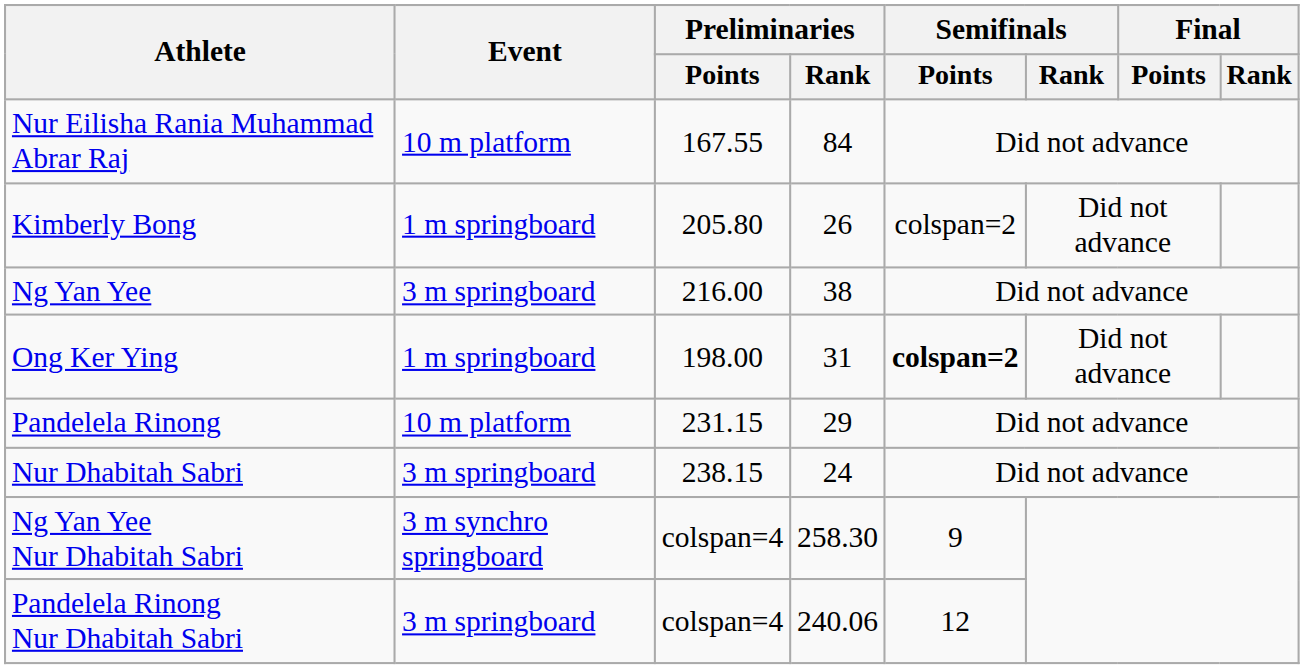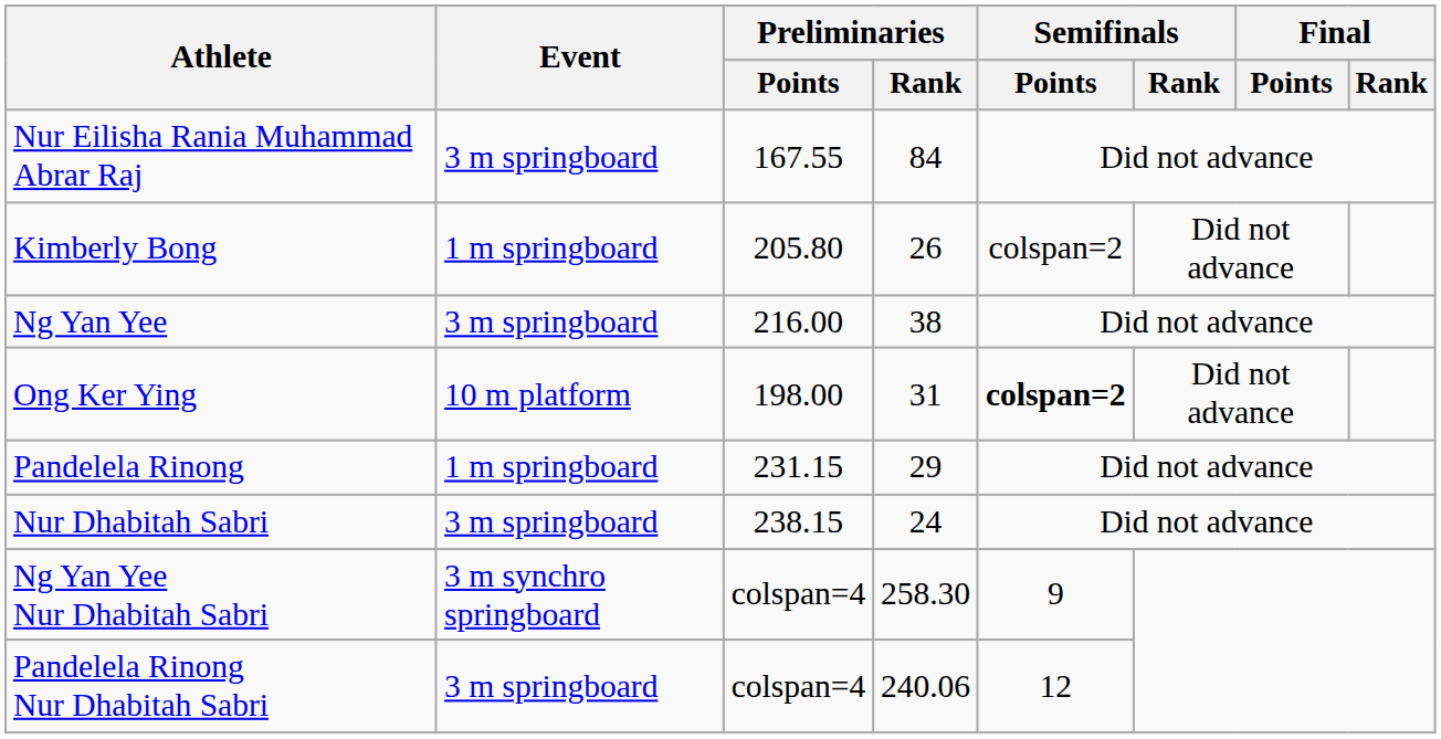 <table class="wikitable" style="text-align:center; font-size:90%; width:50%;">
 <tr>
 <th rowspan=2>Athlete</th>
 <th rowspan=2>Event</th>
 <th colspan=2>Preliminaries</th>
 <th colspan=2>Semifinals</th>
 <th colspan=2>Final</th>
 </tr>
 <tr style="font-size:95%">
 <th>Points</th>
 <th>Rank</th>
 <th>Points</th>
 <th>Rank</th>
 <th>Points</th>
 <th>Rank</th>
 </tr>
 <tr>
 <td align=left><a href='#'>Nur Eilisha Rania Muhammad Abrar Raj</a></td>
-<td align=left><a href='#'>10 m platform</a></td>
+<td align=left><a href='#'>3 m springboard</a></td>
 <td>167.55</td>
 <td>84</td>
 <td colspan=4>Did not advance</td>
 </tr>
 <tr>
 <td align=left><a href='#'>Kimberly Bong</a></td>
 <td align=left><a href='#'>1 m springboard</a></td>
 <td>205.80</td>
 <td>26</td>
 <td>colspan=2 </td>
 <td colspan=2>Did not advance</td>
 </tr>
 <tr>
 <td align=left><a href='#'>Ng Yan Yee</a></td>
 <td align=left><a href='#'>3 m springboard</a></td>
 <td>216.00</td>
 <td>38</td>
 <td colspan=4>Did not advance</td>
 </tr>
 <tr>
 <td align=left><a href='#'>Ong Ker Ying</a></td>
-<td align=left><a href='#'>1 m springboard</a></td>
+<td align=left><a href='#'>10 m platform</a></td>
 <td>198.00</td>
 <td>31</td>
 <td><strong>colspan=2 </strong></td>
 <td colspan=2>Did not advance</td>
 </tr>
 <tr>
 <td align=left><a href='#'>Pandelela Rinong</a></td>
-<td align=left><a href='#'>10 m platform</a></td>
+<td align=left><a href='#'>1 m springboard</a></td>
 <td>231.15</td>
 <td>29</td>
 <td colspan=4>Did not advance</td>
 </tr>
 <tr>
 <td align=left><a href='#'>Nur Dhabitah Sabri</a></td>
 <td align=left><a href='#'>3 m springboard</a></td>
 <td>238.15</td>
 <td>24</td>
 <td colspan=4>Did not advance</td>
 </tr>
 <tr>
 <td align=left><a href='#'>Ng Yan Yee</a> <br><a href='#'>Nur Dhabitah Sabri</a></td>
 <td align=left><a href='#'>3 m synchro springboard</a></td>
 <td>colspan=4 </td>
 <td>258.30</td>
 <td>9</td>
 </tr>
 <tr>
 <td align=left><a href='#'>Pandelela Rinong</a> <br><a href='#'>Nur Dhabitah Sabri</a></td>
 <td align=left><a href='#'>3 m springboard</a></td>
 <td>colspan=4 </td>
 <td>240.06</td>
 <td>12</td>
 </tr>
 </table>
